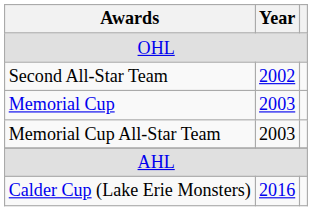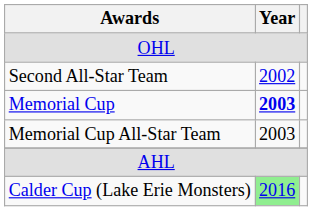 <table class="wikitable">
 <tr>
 <th>Awards</th>
 <th>Year</th>
 <th></th>
 </tr>
 <tr ALIGN="center" bgcolor="#e0e0e0">
 <td colspan="3"><a href='#'>OHL</a></td>
 </tr>
 <tr>
 <td>Second All-Star Team</td>
 <td><a href='#'>2002</a></td>
 <td></td>
 </tr>
 <tr>
 <td><a href='#'>Memorial Cup</a></td>
-<td><a href='#'>2003</a></td>
+<td><strong><a href='#'>2003</a></strong></td>
 <td></td>
 </tr>
 <tr>
 <td>Memorial Cup All-Star Team</td>
 <td>2003</td>
 <td></td>
 </tr>
 <tr>
 </tr>
 <tr ALIGN="center" bgcolor="#e0e0e0">
 <td colspan="3"><a href='#'>AHL</a></td>
 </tr>
 <tr>
 <td><a href='#'>Calder Cup</a> (Lake Erie Monsters)</td>
-<td><a href='#'>2016</a></td>
+<td style="background: lightgreen;"><a href='#'>2016</a></td>
 <td></td>
 </tr>
 </table>
